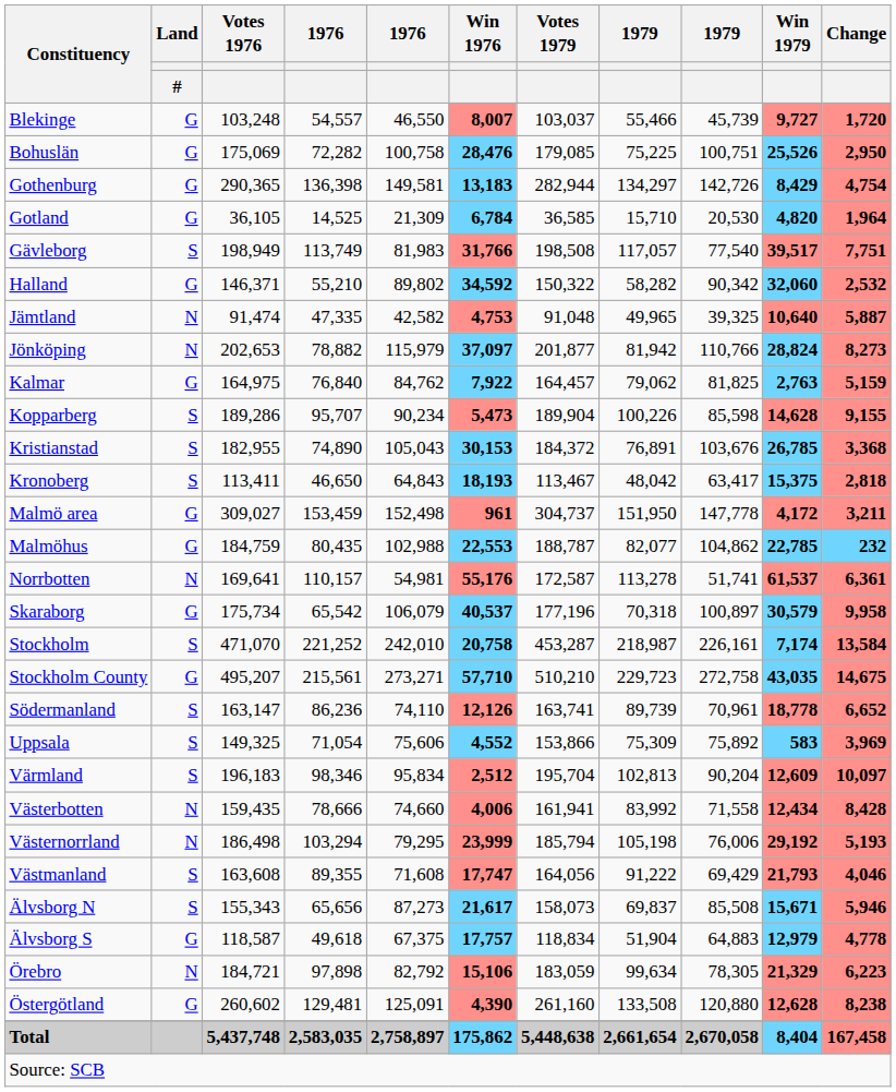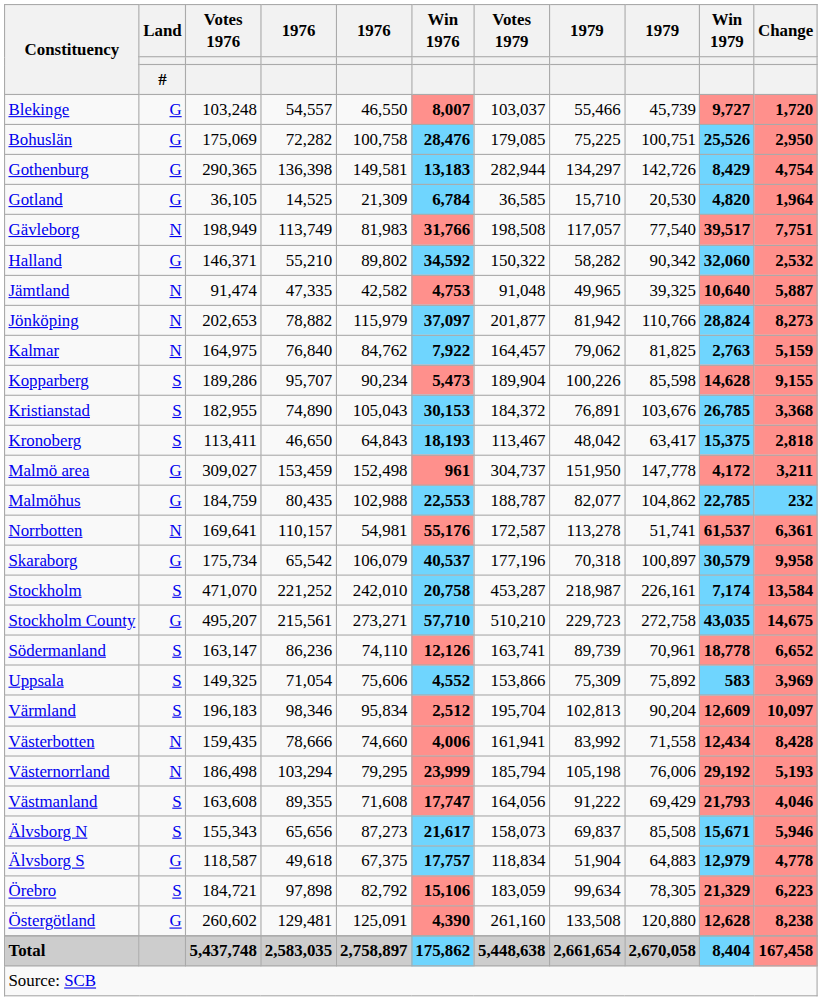 <table class="wikitable sortable" style="text-align:right; font-size:95%; line-height:20px;">
 <tr>
 <th rowspan="3">Constituency</th>
 <th>Land</th>
 <th width="30px" class="unsortable">Votes 1976</th>
 <th> 1976</th>
 <th> 1976</th>
 <th width="30px" class="unsortable">Win 1976</th>
 <th width="30px" class="unsortable">Votes 1979</th>
 <th> 1979</th>
 <th> 1979</th>
 <th width="30px" class="unsortable">Win 1979</th>
 <th width="30px" class="unsortable">Change</th>
 </tr>
 <tr>
 <th></th>
 <th></th>
 <th style="background:"></th>
 <th style="background:"></th>
 <th></th>
 <th></th>
 <th style="background:"></th>
 <th style="background:"></th>
 <th></th>
 <th></th>
 </tr>
 <tr>
 <th data-sort-type="number">#</th>
 <th data-sort-type="number"></th>
 <th data-sort-type="number"></th>
 <th data-sort-type="number"></th>
 <th data-sort-type="number"></th>
 <th data-sort-type="number"></th>
 <th data-sort-type="number"></th>
 <th data-sort-type="number"></th>
 <th data-sort-type="number"></th>
 <th data-sort-type="number"></th>
 </tr>
 <tr>
 <td align="left"><a href='#'>Blekinge</a></td>
 <td><a href='#'>G</a></td>
 <td>103,248</td>
 <td>54,557</td>
 <td>46,550</td>
 <td bgcolor=#ff908c><strong>8,007</strong></td>
 <td>103,037</td>
 <td>55,466</td>
 <td>45,739</td>
 <td bgcolor=#ff908c><strong>9,727</strong></td>
 <td bgcolor=#ff908c><strong>1,720</strong></td>
 </tr>
 <tr>
 <td align="left"><a href='#'>Bohuslän</a></td>
 <td><a href='#'>G</a></td>
 <td>175,069</td>
 <td>72,282</td>
 <td>100,758</td>
 <td bgcolor=#6fd5fe><strong>28,476</strong></td>
 <td>179,085</td>
 <td>75,225</td>
 <td>100,751</td>
 <td bgcolor=#6fd5fe><strong>25,526</strong></td>
 <td bgcolor=#ff908c><strong>2,950</strong></td>
 </tr>
 <tr>
 <td align="left"><a href='#'>Gothenburg</a></td>
 <td><a href='#'>G</a></td>
 <td>290,365</td>
 <td>136,398</td>
 <td>149,581</td>
 <td bgcolor=#6fd5fe><strong>13,183</strong></td>
 <td>282,944</td>
 <td>134,297</td>
 <td>142,726</td>
 <td bgcolor=#6fd5fe><strong>8,429</strong></td>
 <td bgcolor=#ff908c><strong>4,754</strong></td>
 </tr>
 <tr>
 <td align="left"><a href='#'>Gotland</a></td>
 <td><a href='#'>G</a></td>
 <td>36,105</td>
 <td>14,525</td>
 <td>21,309</td>
 <td bgcolor=#6fd5fe><strong>6,784</strong></td>
 <td>36,585</td>
 <td>15,710</td>
 <td>20,530</td>
 <td bgcolor=#6fd5fe><strong>4,820</strong></td>
 <td bgcolor=#ff908c><strong>1,964</strong></td>
 </tr>
 <tr>
 <td align="left"><a href='#'>Gävleborg</a></td>
-<td><a href='#'>S</a></td>
+<td><a href='#'>N</a></td>
 <td>198,949</td>
 <td>113,749</td>
 <td>81,983</td>
 <td bgcolor=#ff908c><strong>31,766</strong></td>
 <td>198,508</td>
 <td>117,057</td>
 <td>77,540</td>
 <td bgcolor=#ff908c><strong>39,517</strong></td>
 <td bgcolor=#ff908c><strong>7,751</strong></td>
 </tr>
 <tr>
 <td align="left"><a href='#'>Halland</a></td>
 <td><a href='#'>G</a></td>
 <td>146,371</td>
 <td>55,210</td>
 <td>89,802</td>
 <td bgcolor=#6fd5fe><strong>34,592</strong></td>
 <td>150,322</td>
 <td>58,282</td>
 <td>90,342</td>
 <td bgcolor=#6fd5fe><strong>32,060</strong></td>
 <td bgcolor=#ff908c><strong>2,532</strong></td>
 </tr>
 <tr>
 <td align="left"><a href='#'>Jämtland</a></td>
 <td><a href='#'>N</a></td>
 <td>91,474</td>
 <td>47,335</td>
 <td>42,582</td>
 <td bgcolor=#ff908c><strong>4,753</strong></td>
 <td>91,048</td>
 <td>49,965</td>
 <td>39,325</td>
 <td bgcolor=#ff908c><strong>10,640</strong></td>
 <td bgcolor=#ff908c><strong>5,887</strong></td>
 </tr>
 <tr>
 <td align="left"><a href='#'>Jönköping</a></td>
 <td><a href='#'>N</a></td>
 <td>202,653</td>
 <td>78,882</td>
 <td>115,979</td>
 <td bgcolor=#6fd5fe><strong>37,097</strong></td>
 <td>201,877</td>
 <td>81,942</td>
 <td>110,766</td>
 <td bgcolor=#6fd5fe><strong>28,824</strong></td>
 <td bgcolor=#ff908c><strong>8,273</strong></td>
 </tr>
 <tr>
 <td align="left"><a href='#'>Kalmar</a></td>
-<td><a href='#'>G</a></td>
+<td><a href='#'>N</a></td>
 <td>164,975</td>
 <td>76,840</td>
 <td>84,762</td>
 <td bgcolor=#6fd5fe><strong>7,922</strong></td>
 <td>164,457</td>
 <td>79,062</td>
 <td>81,825</td>
 <td bgcolor=#6fd5fe><strong>2,763</strong></td>
 <td bgcolor=#ff908c><strong>5,159</strong></td>
 </tr>
 <tr>
 <td align="left"><a href='#'>Kopparberg</a></td>
 <td><a href='#'>S</a></td>
 <td>189,286</td>
 <td>95,707</td>
 <td>90,234</td>
 <td bgcolor=#ff908c><strong>5,473</strong></td>
 <td>189,904</td>
 <td>100,226</td>
 <td>85,598</td>
 <td bgcolor=#ff908c><strong>14,628</strong></td>
 <td bgcolor=#ff908c><strong>9,155</strong></td>
 </tr>
 <tr>
 <td align="left"><a href='#'>Kristianstad</a></td>
 <td><a href='#'>S</a></td>
 <td>182,955</td>
 <td>74,890</td>
 <td>105,043</td>
 <td bgcolor=#6fd5fe><strong>30,153</strong></td>
 <td>184,372</td>
 <td>76,891</td>
 <td>103,676</td>
 <td bgcolor=#6fd5fe><strong>26,785</strong></td>
 <td bgcolor=#ff908c><strong>3,368</strong></td>
 </tr>
 <tr>
 <td align="left"><a href='#'>Kronoberg</a></td>
 <td><a href='#'>S</a></td>
 <td>113,411</td>
 <td>46,650</td>
 <td>64,843</td>
 <td bgcolor=#6fd5fe><strong>18,193</strong></td>
 <td>113,467</td>
 <td>48,042</td>
 <td>63,417</td>
 <td bgcolor=#6fd5fe><strong>15,375</strong></td>
 <td bgcolor=#ff908c><strong>2,818</strong></td>
 </tr>
 <tr>
 <td align="left"><a href='#'>Malmö area</a></td>
 <td><a href='#'>G</a></td>
 <td>309,027</td>
 <td>153,459</td>
 <td>152,498</td>
 <td bgcolor=#ff908c><strong>961</strong></td>
 <td>304,737</td>
 <td>151,950</td>
 <td>147,778</td>
 <td bgcolor=#ff908c><strong>4,172</strong></td>
 <td bgcolor=#ff908c><strong>3,211</strong></td>
 </tr>
 <tr>
 <td align="left"><a href='#'>Malmöhus</a></td>
 <td><a href='#'>G</a></td>
 <td>184,759</td>
 <td>80,435</td>
 <td>102,988</td>
 <td bgcolor=#6fd5fe><strong>22,553</strong></td>
 <td>188,787</td>
 <td>82,077</td>
 <td>104,862</td>
 <td bgcolor=#6fd5fe><strong>22,785</strong></td>
 <td bgcolor=#6fd5fe><strong>232</strong></td>
 </tr>
 <tr>
 <td align="left"><a href='#'>Norrbotten</a></td>
 <td><a href='#'>N</a></td>
 <td>169,641</td>
 <td>110,157</td>
 <td>54,981</td>
 <td bgcolor=#ff908c><strong>55,176</strong></td>
 <td>172,587</td>
 <td>113,278</td>
 <td>51,741</td>
 <td bgcolor=#ff908c><strong>61,537</strong></td>
 <td bgcolor=#ff908c><strong>6,361</strong></td>
 </tr>
 <tr>
 <td align="left"><a href='#'>Skaraborg</a></td>
 <td><a href='#'>G</a></td>
 <td>175,734</td>
 <td>65,542</td>
 <td>106,079</td>
 <td bgcolor=#6fd5fe><strong>40,537</strong></td>
 <td>177,196</td>
 <td>70,318</td>
 <td>100,897</td>
 <td bgcolor=#6fd5fe><strong>30,579</strong></td>
 <td bgcolor=#ff908c><strong>9,958</strong></td>
 </tr>
 <tr>
 <td align="left"><a href='#'>Stockholm</a></td>
 <td><a href='#'>S</a></td>
 <td>471,070</td>
 <td>221,252</td>
 <td>242,010</td>
 <td bgcolor=#6fd5fe><strong>20,758</strong></td>
 <td>453,287</td>
 <td>218,987</td>
 <td>226,161</td>
 <td bgcolor=#6fd5fe><strong>7,174</strong></td>
 <td bgcolor=#ff908c><strong>13,584</strong></td>
 </tr>
 <tr>
 <td align="left"><a href='#'>Stockholm County</a></td>
 <td><a href='#'>G</a></td>
 <td>495,207</td>
 <td>215,561</td>
 <td>273,271</td>
 <td bgcolor=#6fd5fe><strong>57,710</strong></td>
 <td>510,210</td>
 <td>229,723</td>
 <td>272,758</td>
 <td bgcolor=#6fd5fe><strong>43,035</strong></td>
 <td bgcolor=#ff908c><strong>14,675</strong></td>
 </tr>
 <tr>
 <td align="left"><a href='#'>Södermanland</a></td>
 <td><a href='#'>S</a></td>
 <td>163,147</td>
 <td>86,236</td>
 <td>74,110</td>
 <td bgcolor=#ff908c><strong>12,126</strong></td>
 <td>163,741</td>
 <td>89,739</td>
 <td>70,961</td>
 <td bgcolor=#ff908c><strong>18,778</strong></td>
 <td bgcolor=#ff908c><strong>6,652</strong></td>
 </tr>
 <tr>
 <td align="left"><a href='#'>Uppsala</a></td>
 <td><a href='#'>S</a></td>
 <td>149,325</td>
 <td>71,054</td>
 <td>75,606</td>
 <td bgcolor=#6fd5fe><strong>4,552</strong></td>
 <td>153,866</td>
 <td>75,309</td>
 <td>75,892</td>
 <td bgcolor=#6fd5fe><strong>583</strong></td>
 <td bgcolor=#ff908c><strong>3,969</strong></td>
 </tr>
 <tr>
 <td align="left"><a href='#'>Värmland</a></td>
 <td><a href='#'>S</a></td>
 <td>196,183</td>
 <td>98,346</td>
 <td>95,834</td>
 <td bgcolor=#ff908c><strong>2,512</strong></td>
 <td>195,704</td>
 <td>102,813</td>
 <td>90,204</td>
 <td bgcolor=#ff908c><strong>12,609</strong></td>
 <td bgcolor=#ff908c><strong>10,097</strong></td>
 </tr>
 <tr>
 <td align="left"><a href='#'>Västerbotten</a></td>
 <td><a href='#'>N</a></td>
 <td>159,435</td>
 <td>78,666</td>
 <td>74,660</td>
 <td bgcolor=#ff908c><strong>4,006</strong></td>
 <td>161,941</td>
 <td>83,992</td>
 <td>71,558</td>
 <td bgcolor=#ff908c><strong>12,434</strong></td>
 <td bgcolor=#ff908c><strong>8,428</strong></td>
 </tr>
 <tr>
 <td align="left"><a href='#'>Västernorrland</a></td>
 <td><a href='#'>N</a></td>
 <td>186,498</td>
 <td>103,294</td>
 <td>79,295</td>
 <td bgcolor=#ff908c><strong>23,999</strong></td>
 <td>185,794</td>
 <td>105,198</td>
 <td>76,006</td>
 <td bgcolor=#ff908c><strong>29,192</strong></td>
 <td bgcolor=#ff908c><strong>5,193</strong></td>
 </tr>
 <tr>
 <td align="left"><a href='#'>Västmanland</a></td>
 <td><a href='#'>S</a></td>
 <td>163,608</td>
 <td>89,355</td>
 <td>71,608</td>
 <td bgcolor=#ff908c><strong>17,747</strong></td>
 <td>164,056</td>
 <td>91,222</td>
 <td>69,429</td>
 <td bgcolor=#ff908c><strong>21,793</strong></td>
 <td bgcolor=#ff908c><strong>4,046</strong></td>
 </tr>
 <tr>
 <td align="left"><a href='#'>Älvsborg N</a></td>
 <td><a href='#'>S</a></td>
 <td>155,343</td>
 <td>65,656</td>
 <td>87,273</td>
 <td bgcolor=#6fd5fe><strong>21,617</strong></td>
 <td>158,073</td>
 <td>69,837</td>
 <td>85,508</td>
 <td bgcolor=#6fd5fe><strong>15,671</strong></td>
 <td bgcolor=#ff908c><strong>5,946</strong></td>
 </tr>
 <tr>
 <td align="left"><a href='#'>Älvsborg S</a></td>
 <td><a href='#'>G</a></td>
 <td>118,587</td>
 <td>49,618</td>
 <td>67,375</td>
 <td bgcolor=#6fd5fe><strong>17,757</strong></td>
 <td>118,834</td>
 <td>51,904</td>
 <td>64,883</td>
 <td bgcolor=#6fd5fe><strong>12,979</strong></td>
 <td bgcolor=#ff908c><strong>4,778</strong></td>
 </tr>
 <tr>
 <td align="left"><a href='#'>Örebro</a></td>
-<td><a href='#'>N</a></td>
+<td><a href='#'>S</a></td>
 <td>184,721</td>
 <td>97,898</td>
 <td>82,792</td>
 <td bgcolor=#ff908c><strong>15,106</strong></td>
 <td>183,059</td>
 <td>99,634</td>
 <td>78,305</td>
 <td bgcolor=#ff908c><strong>21,329</strong></td>
 <td bgcolor=#ff908c><strong>6,223</strong></td>
 </tr>
 <tr>
 <td align="left"><a href='#'>Östergötland</a></td>
 <td><a href='#'>G</a></td>
 <td>260,602</td>
 <td>129,481</td>
 <td>125,091</td>
 <td bgcolor=#ff908c><strong>4,390</strong></td>
 <td>261,160</td>
 <td>133,508</td>
 <td>120,880</td>
 <td bgcolor=#ff908c><strong>12,628</strong></td>
 <td bgcolor=#ff908c><strong>8,238</strong></td>
 </tr>
 <tr>
 </tr>
 <tr style="background:#CDCDCD;">
 <td align="left"><strong>Total</strong></td>
 <td></td>
 <td><strong>5,437,748</strong></td>
 <td><strong>2,583,035</strong></td>
 <td><strong>2,758,897</strong></td>
 <td bgcolor=#6fd5fe><strong>175,862</strong></td>
 <td><strong>5,448,638</strong></td>
 <td><strong>2,661,654</strong></td>
 <td><strong>2,670,058</strong></td>
 <td bgcolor=#6fd5fe><strong>8,404</strong></td>
 <td bgcolor=#ff908c><strong>167,458</strong></td>
 </tr>
 <tr>
 <td colspan="11" align="left">Source: <a href='#'>SCB</a></td>
 </tr>
 </table>
